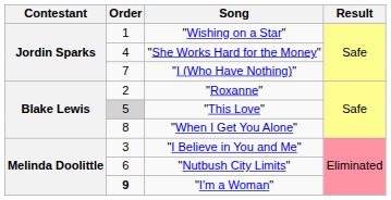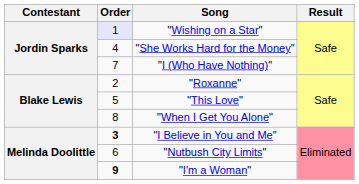 <table class="wikitable unsortable" style="text-align:center;">
 <tr>
 <th scope="col">Contestant</th>
 <th scope="col">Order</th>
 <th scope="col">Song</th>
 <th scope="col">Result</th>
 </tr>
 <tr>
 <th scope="row" rowspan="3">Jordin Sparks</th>
-<td>1</td>
+<td style="background: lavender;">1</td>
 <td>"<a href='#'>Wishing on a Star</a>"</td>
 <td rowspan="3" bgcolor="FDFC8F">Safe</td>
 </tr>
 <tr>
 <td>4</td>
 <td>"<a href='#'>She Works Hard for the Money</a>"</td>
 </tr>
 <tr>
 <td>7</td>
 <td>"<a href='#'>I (Who Have Nothing)</a>"</td>
 </tr>
 <tr>
 <th scope="row" rowspan="3">Blake Lewis</th>
 <td>2</td>
 <td>"<a href='#'>Roxanne</a>"</td>
 <td rowspan="3" bgcolor="FDFC8F">Safe</td>
 </tr>
 <tr>
-<td style="background: lightgrey;">5</td>
+<td>5</td>
 <td>"<a href='#'>This Love</a>"</td>
 </tr>
 <tr>
 <td>8</td>
 <td>"<a href='#'>When I Get You Alone</a>"</td>
 </tr>
 <tr>
 <th scope="row" rowspan="3">Melinda Doolittle</th>
-<td>3</td>
+<td><strong>3</strong></td>
 <td>"<a href='#'>I Believe in You and Me</a>"</td>
 <td rowspan="3" bgcolor="FF91A4">Eliminated</td>
 </tr>
 <tr>
 <td>6</td>
 <td>"<a href='#'>Nutbush City Limits</a>"</td>
 </tr>
 <tr>
 <td><strong>9</strong></td>
 <td>"<a href='#'>I'm a Woman</a>"</td>
 </tr>
 </table>
